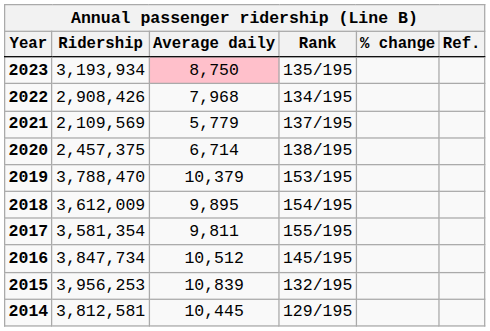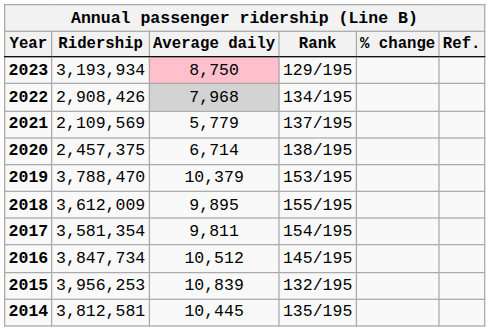 <table class="wikitable sortable" style="text-align:right;">
 <tr>
 <th colspan="6" style="background-color:#">Annual passenger ridership (Line B)</th>
 </tr>
 <tr style="font-size:95%; text-align:center">
 <th style="border-bottom:1px solid black">Year</th>
 <th style="border-bottom:1px solid black">Ridership</th>
 <th style="border-bottom:1px solid black">Average daily</th>
 <th style="border-bottom:1px solid black">Rank</th>
 <th style="border-bottom:1px solid black">% change</th>
 <th style="border-bottom:1px solid black">Ref.</th>
 </tr>
 <tr style="text-align:center;">
 <td><strong>2023</strong></td>
 <td>3,193,934</td>
 <td style="background: pink;">8,750</td>
-<td>135/195</td>
+<td>129/195</td>
 <td></td>
 <td></td>
 </tr>
 <tr style="text-align:center;">
 <td><strong>2022</strong></td>
 <td>2,908,426</td>
-<td>7,968</td>
+<td style="background: lightgrey;">7,968</td>
 <td>134/195</td>
 <td></td>
 <td></td>
 </tr>
 <tr style="text-align:center;">
 <td><strong>2021</strong></td>
 <td>2,109,569</td>
 <td>5,779</td>
 <td>137/195</td>
 <td></td>
 <td></td>
 </tr>
 <tr style="text-align:center;">
 <td><strong>2020</strong></td>
 <td>2,457,375</td>
 <td>6,714</td>
 <td>138/195</td>
 <td></td>
 <td></td>
 </tr>
 <tr style="text-align:center;">
 <td><strong>2019</strong></td>
 <td>3,788,470</td>
 <td>10,379</td>
 <td>153/195</td>
 <td></td>
 <td></td>
 </tr>
 <tr style="text-align:center;">
 <td><strong>2018</strong></td>
 <td>3,612,009</td>
 <td>9,895</td>
-<td>154/195</td>
+<td>155/195</td>
 <td></td>
 <td></td>
 </tr>
 <tr style="text-align:center;">
 <td><strong>2017</strong></td>
 <td>3,581,354</td>
 <td>9,811</td>
-<td>155/195</td>
+<td>154/195</td>
 <td></td>
 <td></td>
 </tr>
 <tr style="text-align:center;">
 <td><strong>2016</strong></td>
 <td>3,847,734</td>
 <td>10,512</td>
 <td>145/195</td>
 <td></td>
 <td></td>
 </tr>
 <tr style="text-align:center;">
 <td><strong>2015</strong></td>
 <td>3,956,253</td>
 <td>10,839</td>
 <td>132/195</td>
 <td></td>
 <td></td>
 </tr>
 <tr style="text-align:center;">
 <td><strong>2014</strong></td>
 <td>3,812,581</td>
 <td>10,445</td>
-<td>129/195</td>
+<td>135/195</td>
 <td></td>
 <td></td>
 </tr>
 </table>
